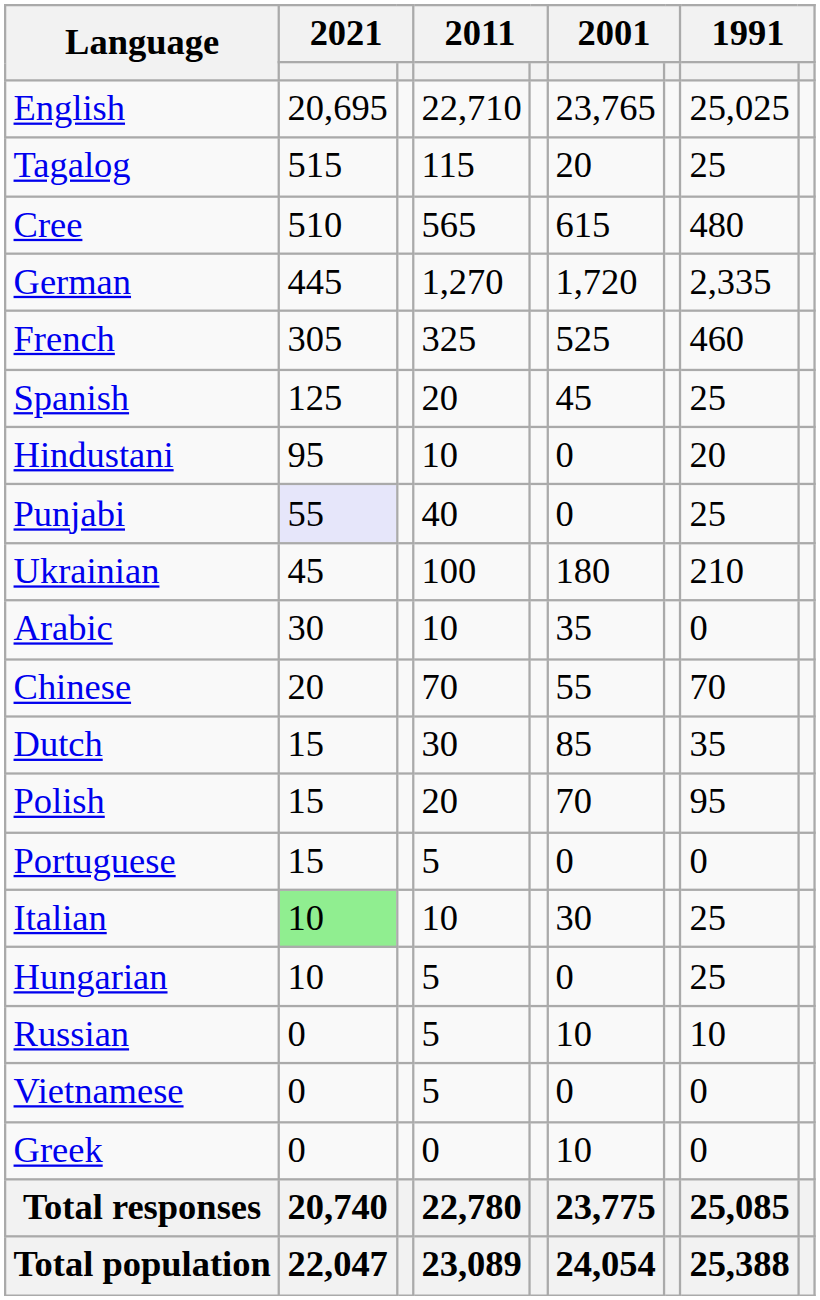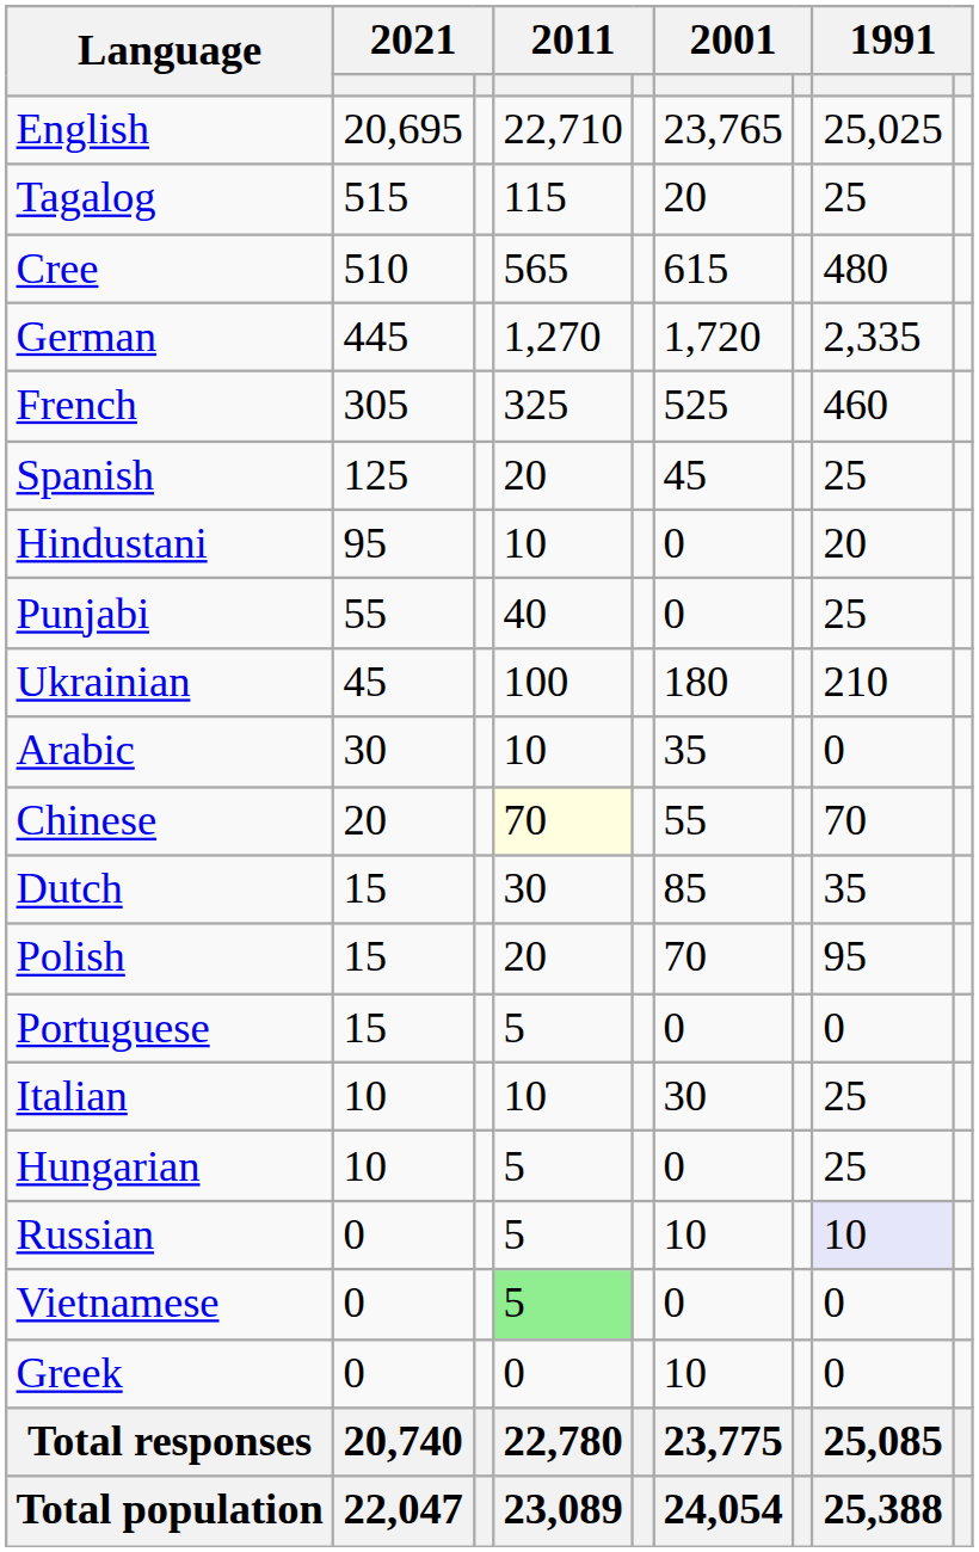 <table class="wikitable collapsible sortable">
 <tr>
 <th rowspan="2">Language</th>
 <th colspan="2">2021</th>
 <th colspan="2">2011</th>
 <th colspan="2">2001</th>
 <th colspan="2">1991</th>
 </tr>
 <tr>
 <th><a href='#'></a></th>
 <th></th>
 <th></th>
 <th></th>
 <th></th>
 <th></th>
 <th></th>
 <th></th>
 </tr>
 <tr>
 <td><a href='#'>English</a></td>
 <td>20,695</td>
 <td></td>
 <td>22,710</td>
 <td></td>
 <td>23,765</td>
 <td></td>
 <td>25,025</td>
 <td></td>
 </tr>
 <tr>
 <td><a href='#'>Tagalog</a></td>
 <td>515</td>
 <td></td>
 <td>115</td>
 <td></td>
 <td>20</td>
 <td></td>
 <td>25</td>
 <td></td>
 </tr>
 <tr>
 <td><a href='#'>Cree</a></td>
 <td>510</td>
 <td></td>
 <td>565</td>
 <td></td>
 <td>615</td>
 <td></td>
 <td>480</td>
 <td></td>
 </tr>
 <tr>
 <td><a href='#'>German</a></td>
 <td>445</td>
 <td></td>
 <td>1,270</td>
 <td></td>
 <td>1,720</td>
 <td></td>
 <td>2,335</td>
 <td></td>
 </tr>
 <tr>
 <td><a href='#'>French</a></td>
 <td>305</td>
 <td></td>
 <td>325</td>
 <td></td>
 <td>525</td>
 <td></td>
 <td>460</td>
 <td></td>
 </tr>
 <tr>
 <td><a href='#'>Spanish</a></td>
 <td>125</td>
 <td></td>
 <td>20</td>
 <td></td>
 <td>45</td>
 <td></td>
 <td>25</td>
 <td></td>
 </tr>
 <tr>
 <td><a href='#'>Hindustani</a></td>
 <td>95</td>
 <td></td>
 <td>10</td>
 <td></td>
 <td>0</td>
 <td></td>
 <td>20</td>
 <td></td>
 </tr>
 <tr>
 <td><a href='#'>Punjabi</a></td>
-<td style="background: lavender;">55</td>
+<td>55</td>
 <td></td>
 <td>40</td>
 <td></td>
 <td>0</td>
 <td></td>
 <td>25</td>
 <td></td>
 </tr>
 <tr>
 <td><a href='#'>Ukrainian</a></td>
 <td>45</td>
 <td></td>
 <td>100</td>
 <td></td>
 <td>180</td>
 <td></td>
 <td>210</td>
 <td></td>
 </tr>
 <tr>
 <td><a href='#'>Arabic</a></td>
 <td>30</td>
 <td></td>
 <td>10</td>
 <td></td>
 <td>35</td>
 <td></td>
 <td>0</td>
 <td></td>
 </tr>
 <tr>
 <td><a href='#'>Chinese</a></td>
 <td>20</td>
 <td></td>
-<td>70</td>
+<td style="background: lightyellow;">70</td>
 <td></td>
 <td>55</td>
 <td></td>
 <td>70</td>
 <td></td>
 </tr>
 <tr>
 <td><a href='#'>Dutch</a></td>
 <td>15</td>
 <td></td>
 <td>30</td>
 <td></td>
 <td>85</td>
 <td></td>
 <td>35</td>
 <td></td>
 </tr>
 <tr>
 <td><a href='#'>Polish</a></td>
 <td>15</td>
 <td></td>
 <td>20</td>
 <td></td>
 <td>70</td>
 <td></td>
 <td>95</td>
 <td></td>
 </tr>
 <tr>
 <td><a href='#'>Portuguese</a></td>
 <td>15</td>
 <td></td>
 <td>5</td>
 <td></td>
 <td>0</td>
 <td></td>
 <td>0</td>
 <td></td>
 </tr>
 <tr>
 <td><a href='#'>Italian</a></td>
-<td style="background: lightgreen;">10</td>
+<td>10</td>
 <td></td>
 <td>10</td>
 <td></td>
 <td>30</td>
 <td></td>
 <td>25</td>
 <td></td>
 </tr>
 <tr>
 <td><a href='#'>Hungarian</a></td>
 <td>10</td>
 <td></td>
 <td>5</td>
 <td></td>
 <td>0</td>
 <td></td>
 <td>25</td>
 <td></td>
 </tr>
 <tr>
 <td><a href='#'>Russian</a></td>
 <td>0</td>
 <td></td>
 <td>5</td>
 <td></td>
 <td>10</td>
 <td></td>
-<td>10</td>
+<td style="background: lavender;">10</td>
 <td></td>
 </tr>
 <tr>
 <td><a href='#'>Vietnamese</a></td>
 <td>0</td>
 <td></td>
-<td>5</td>
+<td style="background: lightgreen;">5</td>
 <td></td>
 <td>0</td>
 <td></td>
 <td>0</td>
 <td></td>
 </tr>
 <tr>
 <td><a href='#'>Greek</a></td>
 <td>0</td>
 <td></td>
 <td>0</td>
 <td></td>
 <td>10</td>
 <td></td>
 <td>0</td>
 <td></td>
 </tr>
 <tr>
 <th>Total responses</th>
 <th>20,740</th>
 <th></th>
 <th>22,780</th>
 <th></th>
 <th>23,775</th>
 <th></th>
 <th>25,085</th>
 <th></th>
 </tr>
 <tr>
 <th>Total population</th>
 <th>22,047</th>
 <th></th>
 <th>23,089</th>
 <th></th>
 <th>24,054</th>
 <th></th>
 <th>25,388</th>
 <th></th>
 </tr>
 </table>
